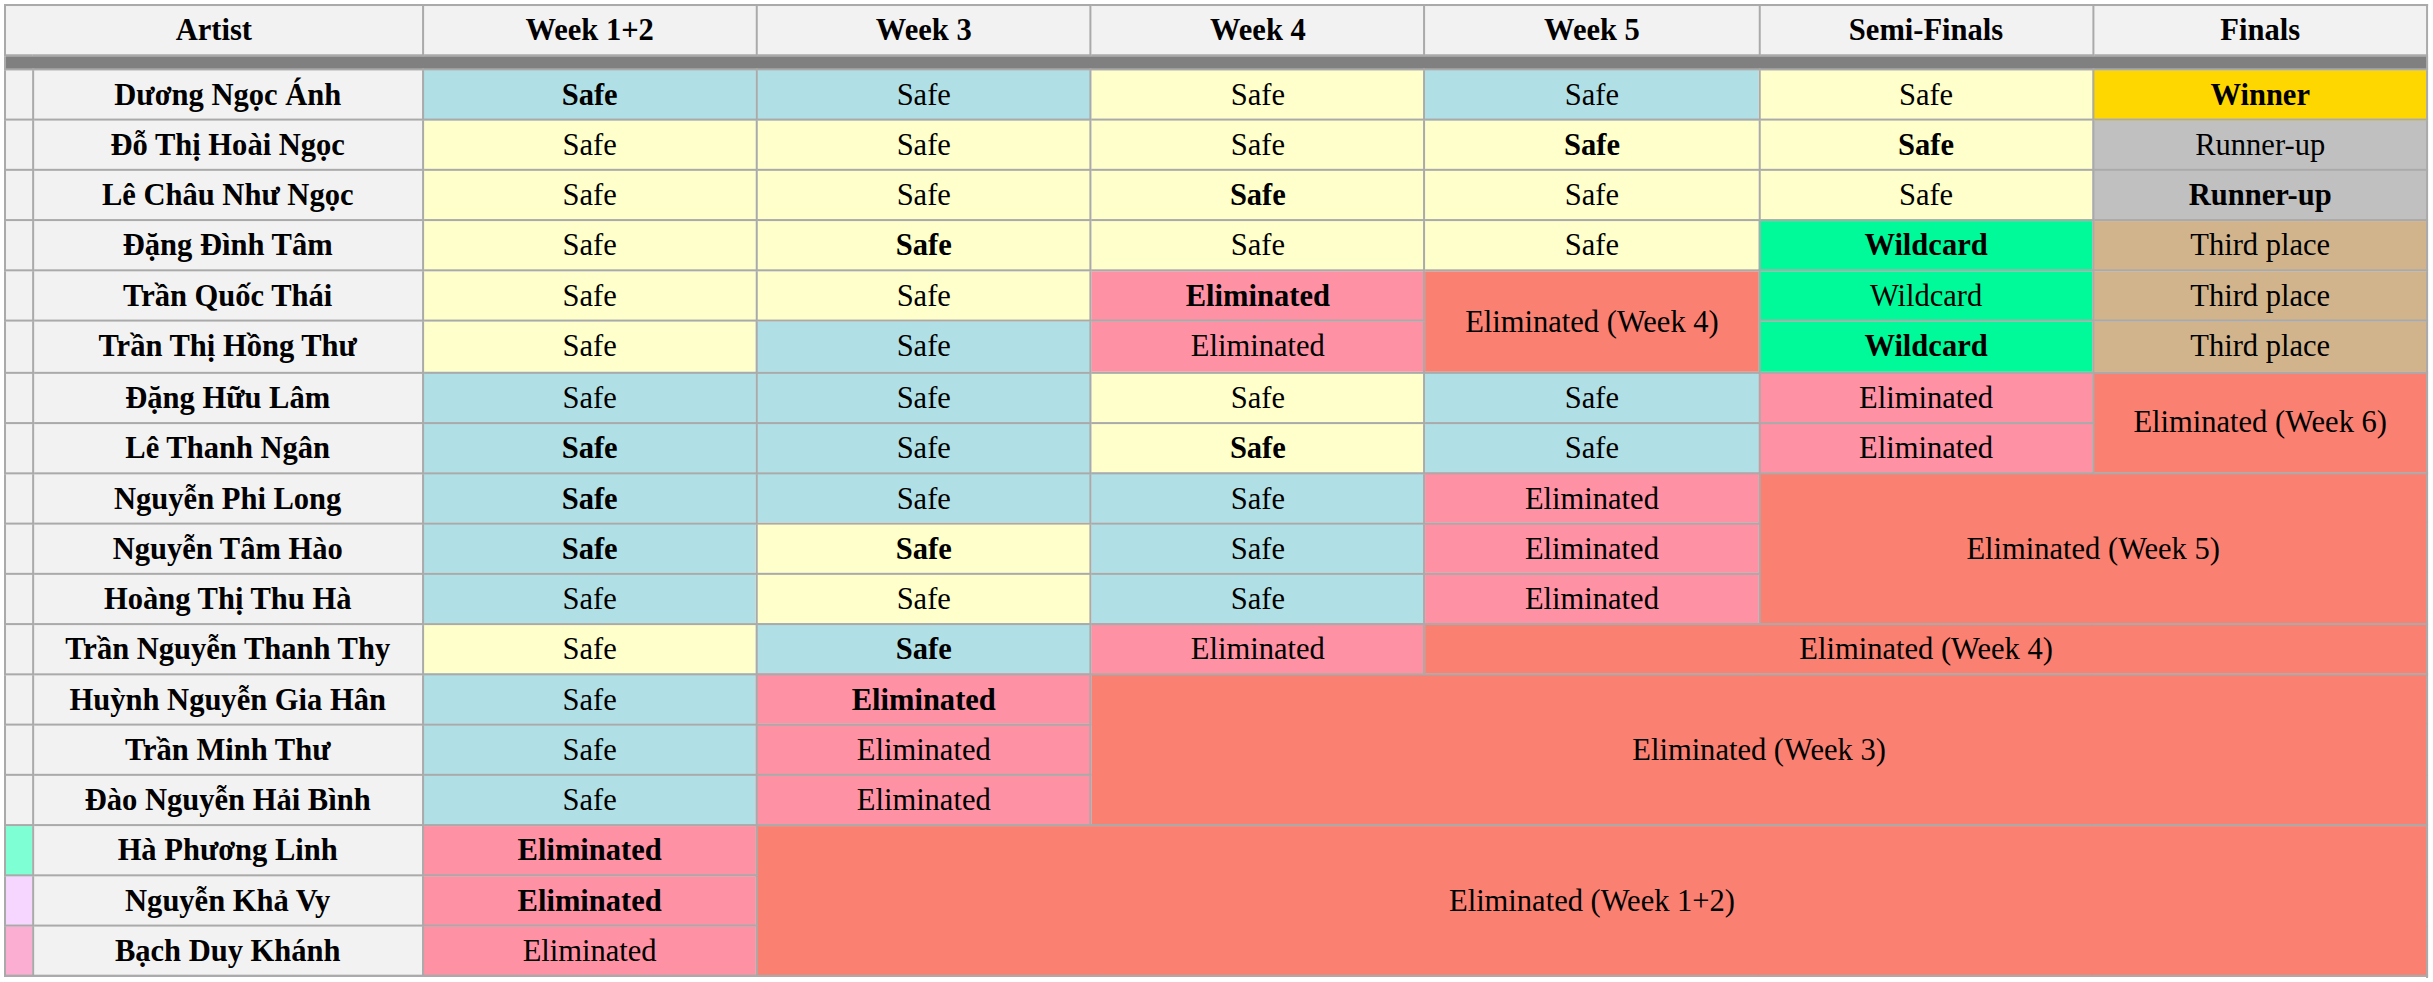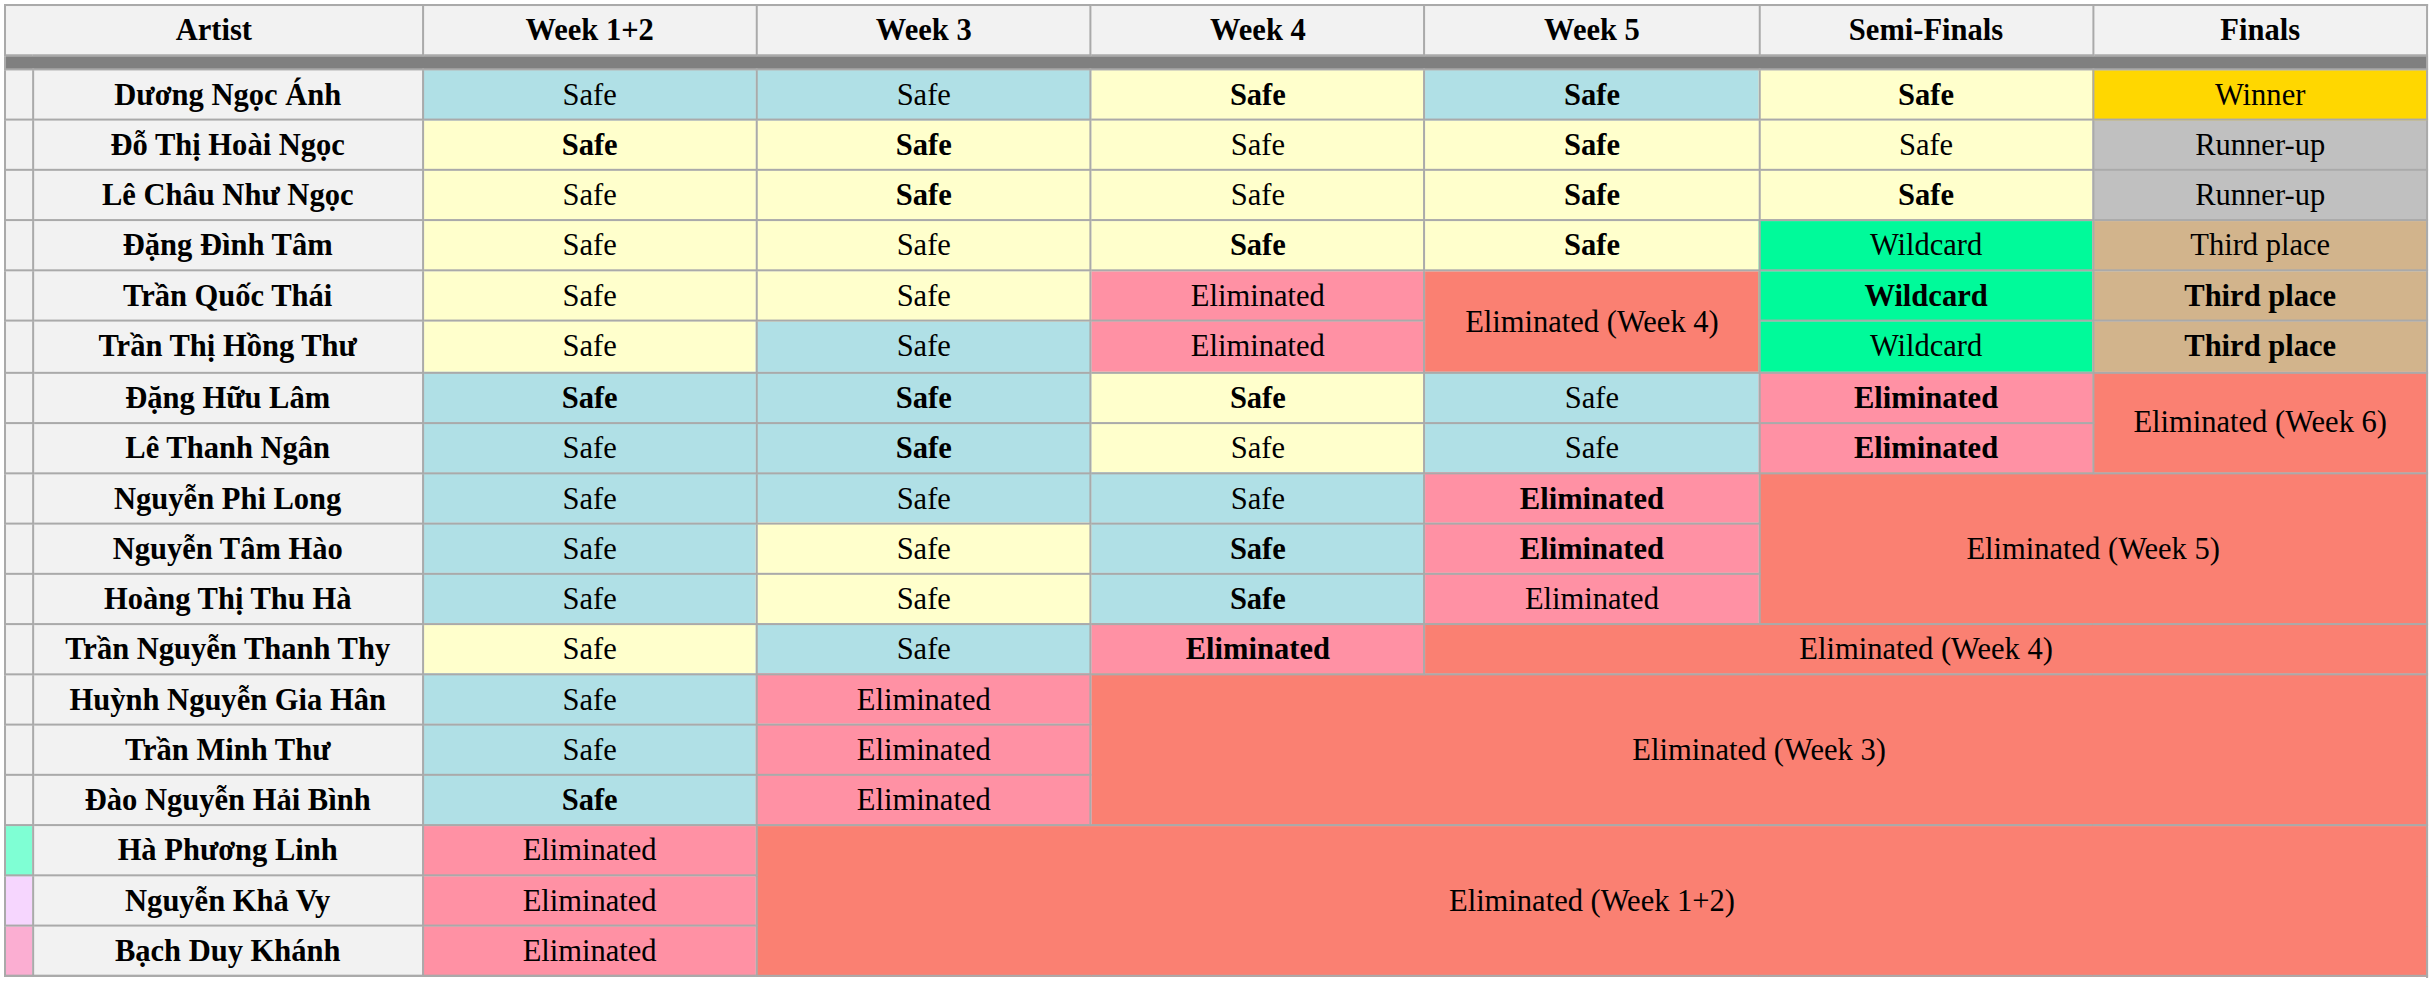 <table class="wikitable"  style="text-align:center; font-size:95%; width:auto;">
 <tr>
 </tr>
 <tr>
 <th style="width:15%;" colspan="2">Artist</th>
 <th style="width:12%;">Week 1+2</th>
 <th style="width:12%;">Week 3</th>
 <th style="width:12%;">Week 4</th>
 <th style="width:12%;">Week 5</th>
 <th style="width:12%;">Semi-Finals</th>
 <th style="width:12%;">Finals</th>
 </tr>
 <tr>
 <th colspan="9" style="background:gray;"></th>
 </tr>
 <tr>
 <th style="width:1%;" style="background:#FBAED2;"></th>
 <th style="width:14%;">Dương Ngọc Ánh</th>
+<td style="background:#B0E0E6;">Safe</td>
+<td style="background:#B0E0E6;">Safe</td>
+<td style="background:#FFFFCC;"><strong>Safe</strong></td>
 <td style="background:#B0E0E6;"><strong>Safe</strong></td>
-<td style="background:#B0E0E6;">Safe</td>
-<td style="background:#FFFFCC;">Safe</td>
-<td style="background:#B0E0E6;">Safe</td>
-<td style="background:#FFFFCC;">Safe</td>
-<td style="background:gold;"><strong>Winner</strong></td>
+<td style="background:#FFFFCC;"><strong>Safe</strong></td>
+<td style="background:gold;">Winner</td>
 </tr>
 <tr>
 <th style="width:1%;" style="background:#7FFFD4;"></th>
 <th style="width:14%;">Đỗ Thị Hoài Ngọc</th>
+<td style="background:#FFFFCC;"><strong>Safe</strong></td>
+<td style="background:#FFFFCC;"><strong>Safe</strong></td>
 <td style="background:#FFFFCC;">Safe</td>
+<td style="background:#FFFFCC;"><strong>Safe</strong></td>
 <td style="background:#FFFFCC;">Safe</td>
+<td style="background:silver;">Runner-up</td>
+</tr>
+<tr>
+<th style="width:1%;" style="background:#F6D6FE;"></th>
+<th style="width:14%;">Lê Châu Như Ngọc</th>
+<td style="background:#FFFFCC;">Safe</td>
+<td style="background:#FFFFCC;"><strong>Safe</strong></td>
 <td style="background:#FFFFCC;">Safe</td>
 <td style="background:#FFFFCC;"><strong>Safe</strong></td>
 <td style="background:#FFFFCC;"><strong>Safe</strong></td>
 <td style="background:silver;">Runner-up</td>
 </tr>
 <tr>
-<th style="width:1%;" style="background:#F6D6FE;"></th>
-<th style="width:14%;">Lê Châu Như Ngọc</th>
+<th style="width:1%;" style="background:#FBAED2;"></th>
+<th style="width:14%;">Đặng Đình Tâm</th>
 <td style="background:#FFFFCC;">Safe</td>
 <td style="background:#FFFFCC;">Safe</td>
 <td style="background:#FFFFCC;"><strong>Safe</strong></td>
-<td style="background:#FFFFCC;">Safe</td>
-<td style="background:#FFFFCC;">Safe</td>
-<td style="background:silver;"><strong>Runner-up</strong></td>
-</tr>
-<tr>
-<th style="width:1%;" style="background:#FBAED2;"></th>
-<th style="width:14%;">Đặng Đình Tâm</th>
-<td style="background:#FFFFCC;">Safe</td>
 <td style="background:#FFFFCC;"><strong>Safe</strong></td>
-<td style="background:#FFFFCC;">Safe</td>
-<td style="background:#FFFFCC;">Safe</td>
-<td style="background:#00FA9A;"><strong>Wildcard</strong></td>
+<td style="background:#00FA9A;">Wildcard</td>
 <td style="background:tan;">Third place</td>
 </tr>
 <tr>
 <th style="width:1%;" style="background:#7FFFD4;"></th>
 <th style="width:14%;">Trần Quốc Thái</th>
 <td style="background:#FFFFCC;">Safe</td>
 <td style="background:#FFFFCC;">Safe</td>
-<td style="background:#FF91A4;"><strong>Eliminated</strong></td>
+<td style="background:#FF91A4;">Eliminated</td>
 <td rowspan="2" style="background:salmon;">Eliminated (Week 4)</td>
-<td style="background:#00FA9A;">Wildcard</td>
-<td style="background:tan;">Third place</td>
+<td style="background:#00FA9A;"><strong>Wildcard</strong></td>
+<td style="background:tan;"><strong>Third place</strong></td>
 </tr>
 <tr>
 <th style="width:1%;" style="background:#F6D6FE;"></th>
 <th style="width:14%;">Trần Thị Hồng Thư</th>
 <td style="background:#FFFFCC;">Safe</td>
 <td style="background:#B0E0E6;">Safe</td>
 <td style="background:#FF91A4;">Eliminated</td>
-<td style="background:#00FA9A;"><strong>Wildcard</strong></td>
-<td style="background:tan;">Third place</td>
+<td style="background:#00FA9A;">Wildcard</td>
+<td style="background:tan;"><strong>Third place</strong></td>
 </tr>
 <tr>
 <th style="width:1%;" style="background:#7FFFD4;"></th>
 <th style="width:14%;">Đặng Hữu Lâm</th>
+<td style="background:#B0E0E6;"><strong>Safe</strong></td>
+<td style="background:#B0E0E6;"><strong>Safe</strong></td>
+<td style="background:#FFFFCC;"><strong>Safe</strong></td>
 <td style="background:#B0E0E6;">Safe</td>
-<td style="background:#B0E0E6;">Safe</td>
-<td style="background:#FFFFCC;">Safe</td>
-<td style="background:#B0E0E6;">Safe</td>
-<td style="background:#FF91A4;">Eliminated</td>
+<td style="background:#FF91A4;"><strong>Eliminated</strong></td>
 <td rowspan="2" style="background:salmon;">Eliminated (Week 6)</td>
 </tr>
 <tr>
 <th style="width:1%;" style="background:#F6D6FE;"></th>
 <th style="width:14%;">Lê Thanh Ngân</th>
+<td style="background:#B0E0E6;">Safe</td>
 <td style="background:#B0E0E6;"><strong>Safe</strong></td>
+<td style="background:#FFFFCC;">Safe</td>
 <td style="background:#B0E0E6;">Safe</td>
-<td style="background:#FFFFCC;"><strong>Safe</strong></td>
-<td style="background:#B0E0E6;">Safe</td>
-<td style="background:#FF91A4;">Eliminated</td>
+<td style="background:#FF91A4;"><strong>Eliminated</strong></td>
 </tr>
 <tr>
 <th style="width:1%;" style="background:#7FFFD4;"></th>
 <th style="width:14%;">Nguyễn Phi Long</th>
-<td style="background:#B0E0E6;"><strong>Safe</strong></td>
 <td style="background:#B0E0E6;">Safe</td>
 <td style="background:#B0E0E6;">Safe</td>
-<td style="background:#FF91A4;">Eliminated</td>
+<td style="background:#B0E0E6;">Safe</td>
+<td style="background:#FF91A4;"><strong>Eliminated</strong></td>
 <td rowspan="3" colspan="2" style="background:salmon;">Eliminated (Week 5)</td>
 </tr>
 <tr>
 <th style="width:1%;" style="background:#F6D6FE;"></th>
 <th style="width:14%;">Nguyễn Tâm Hào</th>
+<td style="background:#B0E0E6;">Safe</td>
+<td style="background:#FFFFCC;">Safe</td>
 <td style="background:#B0E0E6;"><strong>Safe</strong></td>
-<td style="background:#FFFFCC;"><strong>Safe</strong></td>
-<td style="background:#B0E0E6;">Safe</td>
-<td style="background:#FF91A4;">Eliminated</td>
+<td style="background:#FF91A4;"><strong>Eliminated</strong></td>
 </tr>
 <tr>
 <th style="width:1%;" style="background:#FBAED2;"></th>
 <th style="width:14%;">Hoàng Thị Thu Hà</th>
 <td style="background:#B0E0E6;">Safe</td>
 <td style="background:#FFFFCC;">Safe</td>
-<td style="background:#B0E0E6;">Safe</td>
+<td style="background:#B0E0E6;"><strong>Safe</strong></td>
 <td style="background:#FF91A4;">Eliminated</td>
 </tr>
 <tr>
 <th style="width:1%;" style="background:#FBAED2;"></th>
 <th style="width:14%;">Trần Nguyễn Thanh Thy</th>
 <td style="background:#FFFFCC;">Safe</td>
-<td style="background:#B0E0E6;"><strong>Safe</strong></td>
-<td style="background:#FF91A4;">Eliminated</td>
+<td style="background:#B0E0E6;">Safe</td>
+<td style="background:#FF91A4;"><strong>Eliminated</strong></td>
 <td colspan="3" style="background:salmon;">Eliminated (Week 4)</td>
 </tr>
 <tr>
 <th style="width:1%;" style="background:#7FFFD4;"></th>
 <th style="width:14%;">Huỳnh Nguyễn Gia Hân</th>
 <td style="background:#B0E0E6;">Safe</td>
-<td style="background:#FF91A4;"><strong>Eliminated</strong></td>
+<td style="background:#FF91A4;">Eliminated</td>
 <td rowspan="3" colspan="4" style="background:salmon;">Eliminated (Week 3)</td>
 </tr>
 <tr>
 <th style="width:1%;" style="background:#F6D6FE;"></th>
 <th style="width:14%;">Trần Minh Thư</th>
 <td style="background:#B0E0E6;">Safe</td>
 <td style="background:#FF91A4;">Eliminated</td>
 </tr>
 <tr>
 <th style="width:1%;" style="background:#FBAED2;"></th>
 <th style="width:14%;">Đào Nguyễn Hải Bình</th>
-<td style="background:#B0E0E6;">Safe</td>
+<td style="background:#B0E0E6;"><strong>Safe</strong></td>
 <td style="background:#FF91A4;">Eliminated</td>
 </tr>
 <tr>
 <th style="background:#7FFFD4;"></th>
 <th>Hà Phương Linh</th>
-<td style="background:#FF91A4;"><strong>Eliminated</strong></td>
+<td style="background:#FF91A4;">Eliminated</td>
 <td rowspan="5" colspan="6" style="background:salmon;">Eliminated (Week 1+2)</td>
 </tr>
 <tr>
 <th style="background:#F6D6FE;"></th>
 <th>Nguyễn Khả Vy</th>
-<td style="background:#FF91A4;"><strong>Eliminated</strong></td>
+<td style="background:#FF91A4;">Eliminated</td>
 </tr>
 <tr>
 <th style="background:#FBAED2;"></th>
 <th>Bạch Duy Khánh</th>
 <td style="background:#FF91A4;">Eliminated</td>
 </tr>
 <tr>
 </tr>
 </table>
